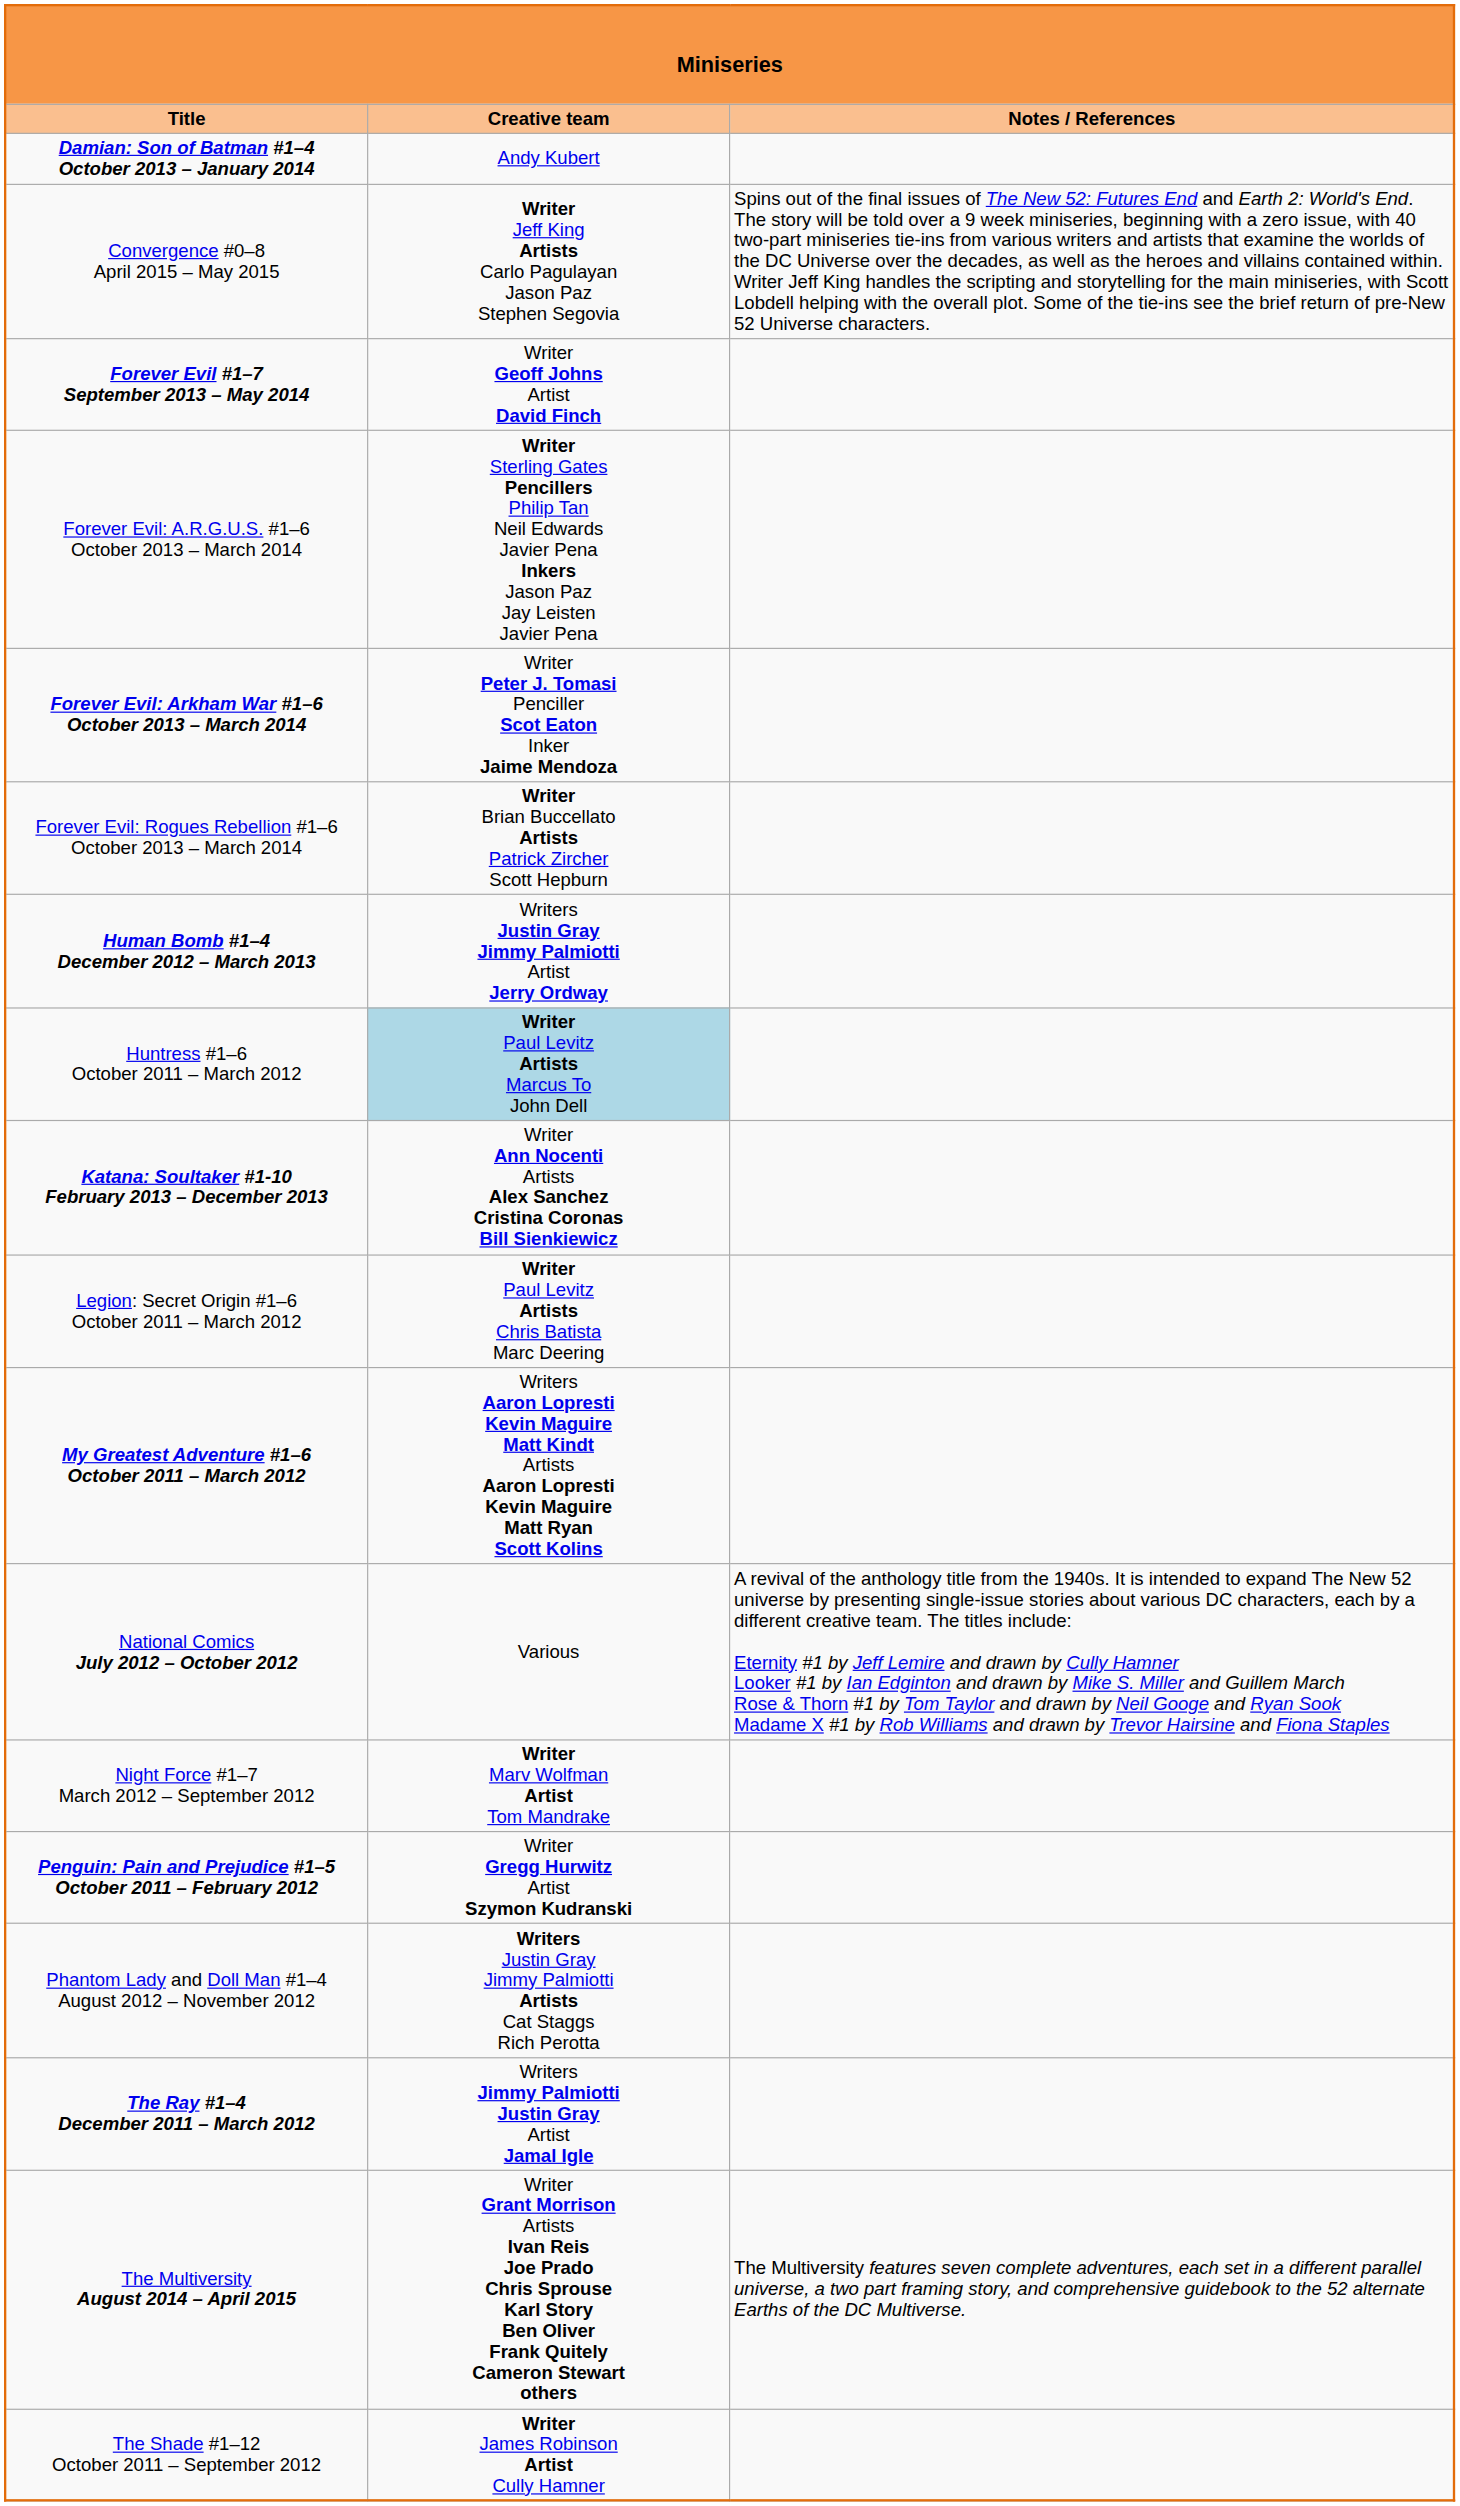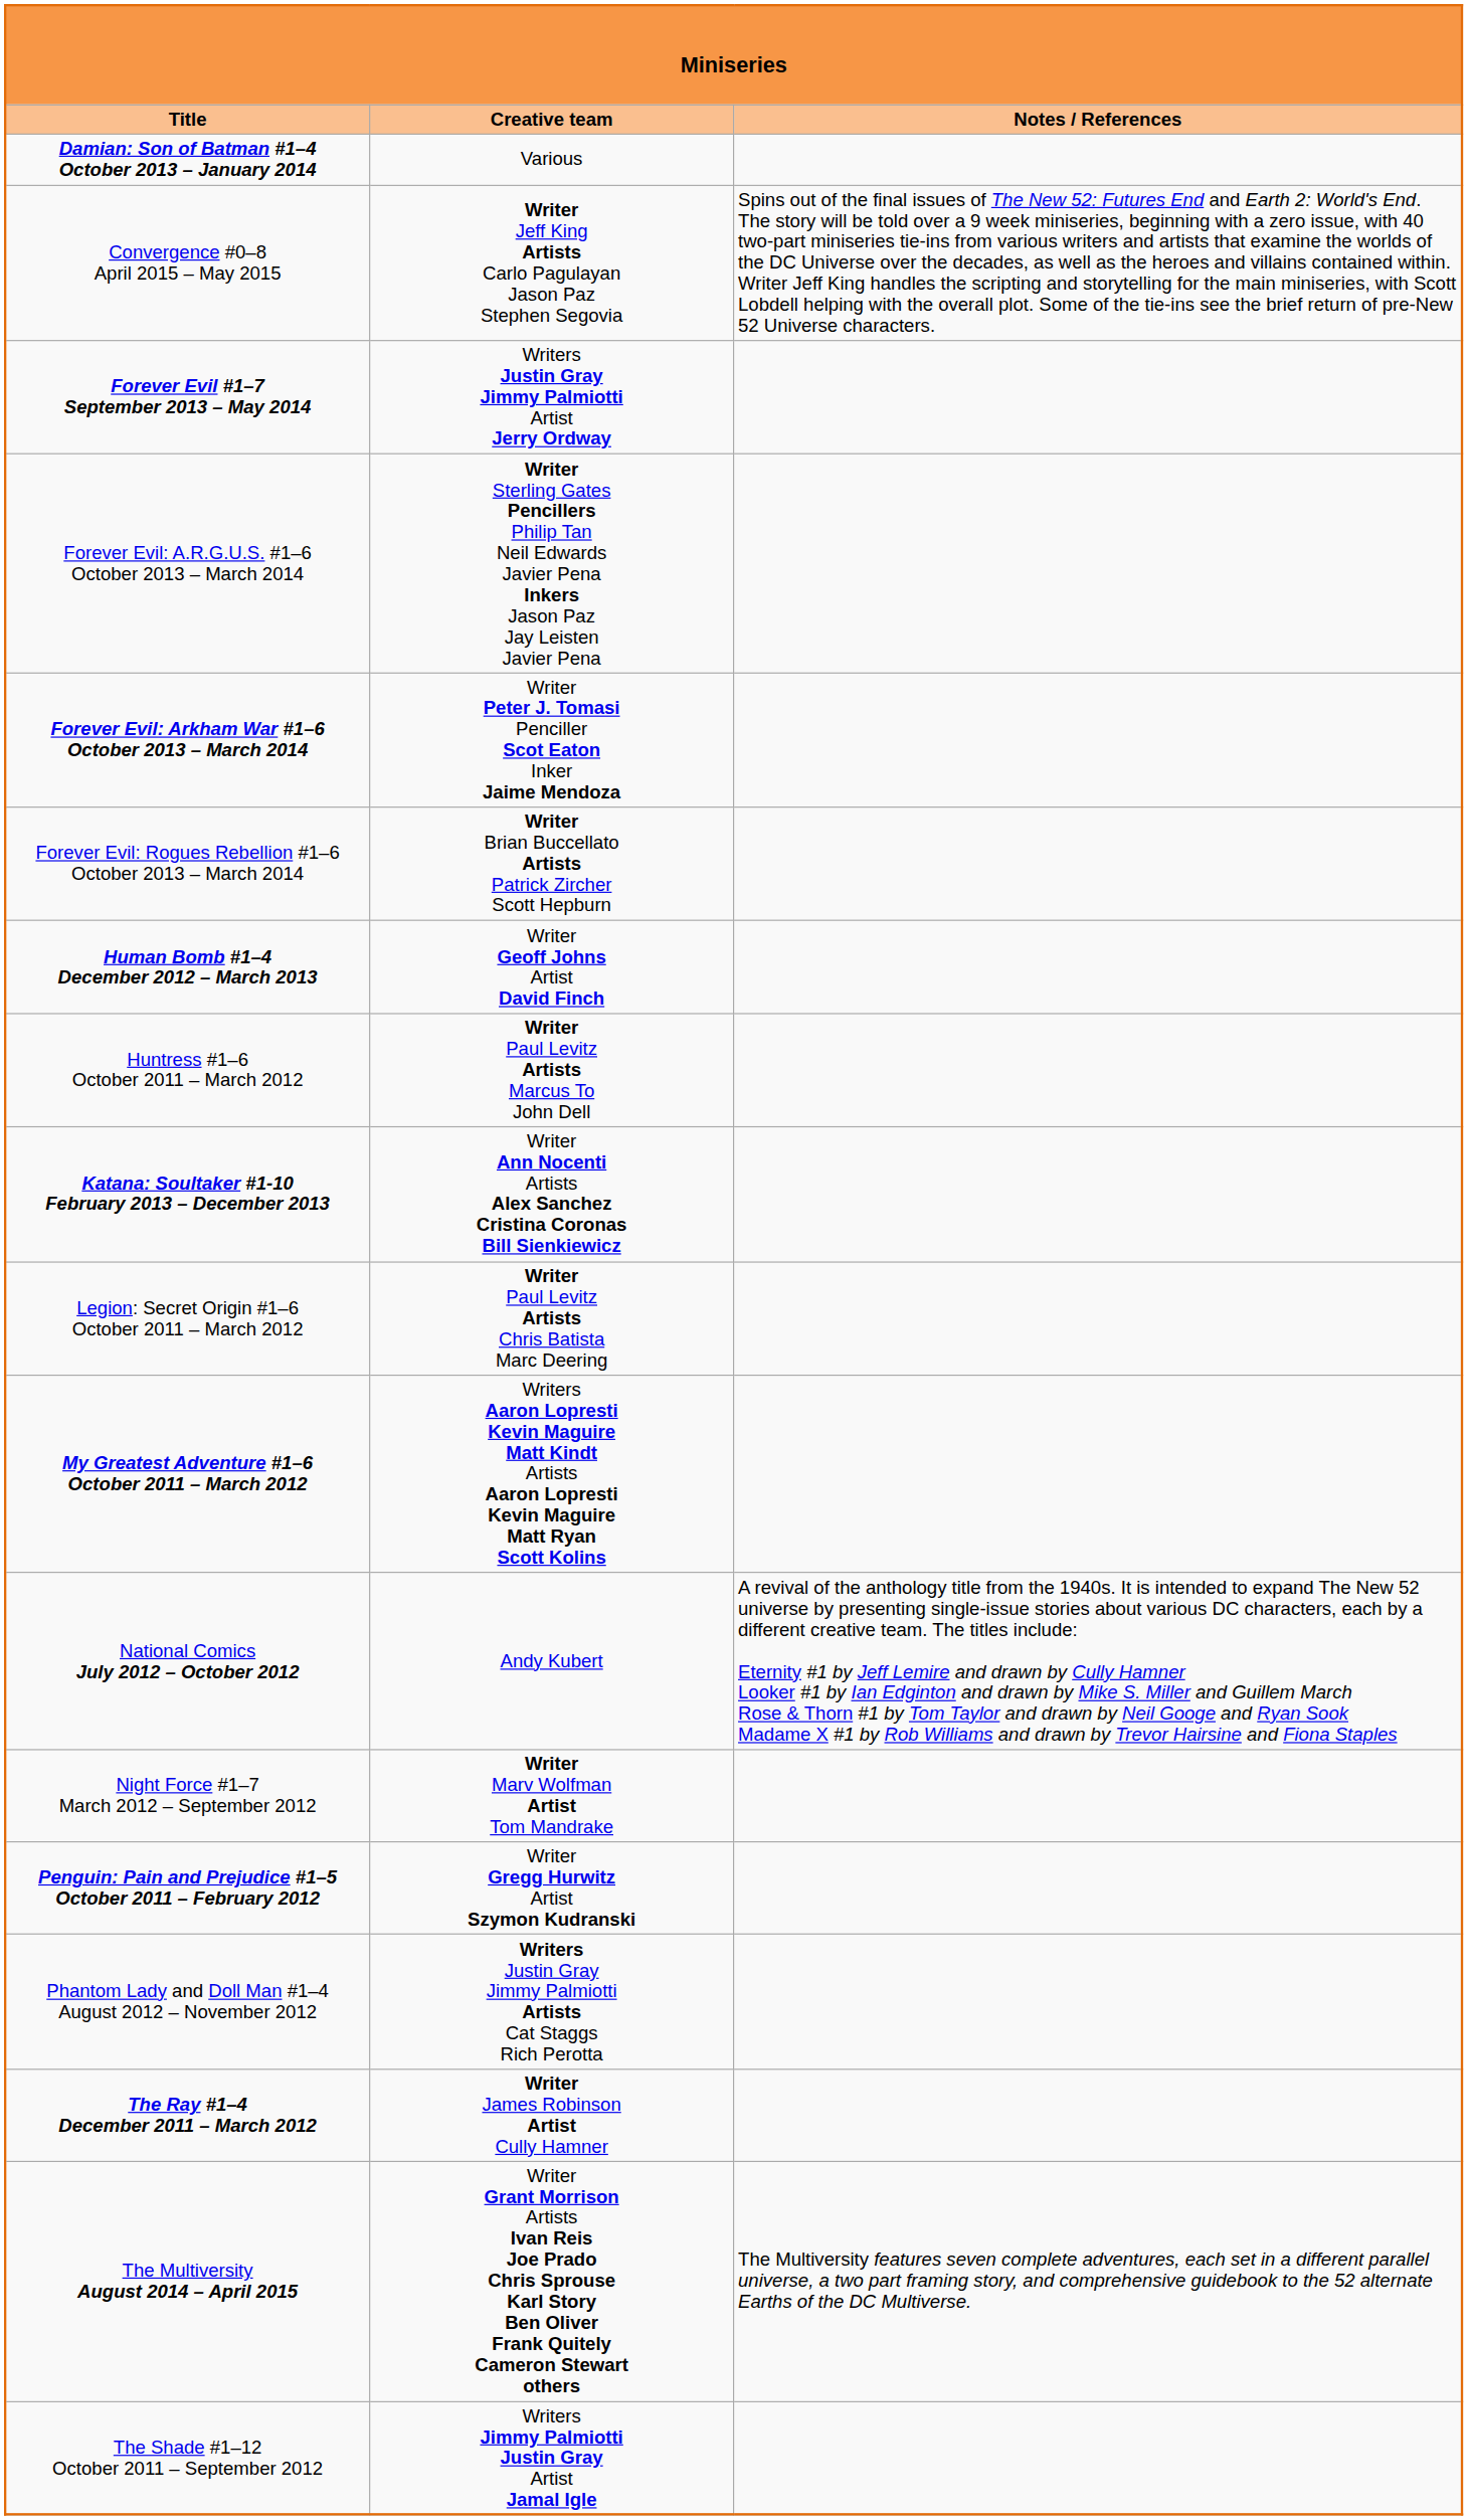 <table class="wikitable sortable" style="text-align:center;border:2px solid #E36C0A; font-weight:normal;" width=99%>
 <tr>
 <th scope="row" colspan="4" style="background-color:#F79646;"><br><h3>Miniseries</h3></th>
 </tr>
 <tr>
 <th scope="col" width="15%" align="center" style="background-color:#FABF8F;">Title</th>
 <th scope="col" width="15%" align="center" style="background-color:#FABF8F;" class=unsortable>Creative team</th>
 <th scope="col" width="30%" align="center" style="background-color:#FABF8F;" class=unsortable>Notes / References</th>
 </tr>
 <tr>
 <td scope="row"><strong><em><a href='#'>Damian: Son of Batman</a><em> #1–4<strong><br>October 2013 – January 2014</td>
-<td><a href='#'>Andy Kubert</a></td>
+<td>Various</td>
 <td align="left"></td>
 </tr>
 <tr>
 <td scope="row"></em></strong><a href='#'>Convergence</a></em> #0–8</strong><br>April 2015 – May 2015</td>
 <td><strong>Writer</strong><br><a href='#'>Jeff King</a><br><strong>Artists</strong><br>Carlo Pagulayan<br>Jason Paz<br>Stephen Segovia</td>
 <td align="left">Spins out of the final issues of <em><a href='#'>The New 52: Futures End</a></em> and <em>Earth 2: World's End</em>. The story will be told over a 9 week miniseries, beginning with a zero issue, with 40 two-part miniseries tie-ins from various writers and artists that examine the worlds of the DC Universe over the decades, as well as the heroes and villains contained within. Writer Jeff King handles the scripting and storytelling for the main miniseries, with Scott Lobdell helping with the overall plot. Some of the tie-ins see the brief return of pre-New 52 Universe characters.</td>
 </tr>
 <tr>
 <td scope="row"><strong><em><a href='#'>Forever Evil</a><em> #1–7<strong><br>September 2013 – May 2014</td>
-<td></strong>Writer<strong><br><a href='#'>Geoff Johns</a><br></strong>Artist<strong><br><a href='#'>David Finch</a></td>
+<td></strong>Writers<strong><br><a href='#'>Justin Gray</a><br><a href='#'>Jimmy Palmiotti</a><br></strong>Artist<strong><br><a href='#'>Jerry Ordway</a></td>
 <td align="left"></td>
 </tr>
 <tr>
 <td scope="row"></em></strong><a href='#'>Forever Evil: A.R.G.U.S.</a></em> #1–6</strong><br>October 2013 – March 2014</td>
 <td><strong>Writer</strong><br><a href='#'>Sterling Gates</a><br><strong>Pencillers</strong><br><a href='#'>Philip Tan</a><br>Neil Edwards<br>Javier Pena<br><strong>Inkers</strong><br>Jason Paz<br>Jay Leisten<br>Javier Pena</td>
 <td align="left"></td>
 </tr>
 <tr>
 <td scope="row"><strong><em><a href='#'>Forever Evil: Arkham War</a><em> #1–6<strong><br>October 2013 – March 2014</td>
 <td></strong>Writer<strong><br><a href='#'>Peter J. Tomasi</a><br></strong>Penciller<strong><br><a href='#'>Scot Eaton</a><br></strong>Inker<strong><br>Jaime Mendoza</td>
 <td align="left"></td>
 </tr>
 <tr>
 <td scope="row"></em></strong><a href='#'>Forever Evil: Rogues Rebellion</a></em> #1–6</strong><br>October 2013 – March 2014</td>
 <td><strong>Writer</strong><br>Brian Buccellato<br><strong>Artists</strong><br><a href='#'>Patrick Zircher</a><br>Scott Hepburn</td>
 <td align="left"></td>
 </tr>
 <tr>
 <td scope="row"><strong><em><a href='#'>Human Bomb</a><em> #1–4<strong><br>December 2012 – March 2013</td>
-<td></strong>Writers<strong><br><a href='#'>Justin Gray</a><br><a href='#'>Jimmy Palmiotti</a><br></strong>Artist<strong><br><a href='#'>Jerry Ordway</a></td>
+<td></strong>Writer<strong><br><a href='#'>Geoff Johns</a><br></strong>Artist<strong><br><a href='#'>David Finch</a></td>
 <td align="left"></td>
 </tr>
 <tr>
 <td scope="row"></em></strong><a href='#'>Huntress</a></em> #1–6</strong><br>October 2011 – March 2012</td>
-<td style="background: lightblue;"><strong>Writer</strong><br><a href='#'>Paul Levitz</a><br><strong>Artists</strong><br><a href='#'>Marcus To</a><br>John Dell</td>
+<td><strong>Writer</strong><br><a href='#'>Paul Levitz</a><br><strong>Artists</strong><br><a href='#'>Marcus To</a><br>John Dell</td>
 <td align="left"></td>
 </tr>
 <tr>
 <td scope="row"><strong><em><a href='#'>Katana: Soultaker</a><em> #1-10<strong><br>February 2013 – December 2013</td>
 <td></strong>Writer<strong><br><a href='#'>Ann Nocenti</a><br></strong>Artists<strong><br>Alex Sanchez<br>Cristina Coronas<br><a href='#'>Bill Sienkiewicz</a></td>
 <td align="left"></td>
 </tr>
 <tr>
 <td scope="row"></em></strong><a href='#'>Legion</a>: Secret Origin</em> #1–6</strong><br>October 2011 – March 2012</td>
 <td><strong>Writer</strong><br><a href='#'>Paul Levitz</a><br><strong>Artists</strong><br><a href='#'>Chris Batista</a><br>Marc Deering</td>
 <td align="left"></td>
 </tr>
 <tr>
 <td scope="row"><strong><em><a href='#'>My Greatest Adventure</a><em> #1–6<strong><br>October 2011 – March 2012</td>
 <td></strong>Writers<strong><br><a href='#'>Aaron Lopresti</a><br><a href='#'>Kevin Maguire</a><br><a href='#'>Matt Kindt</a><br></strong>Artists<strong><br>Aaron Lopresti<br>Kevin Maguire<br>Matt Ryan<br><a href='#'>Scott Kolins</a></td>
 <td align="left"></td>
 </tr>
 <tr>
 <td scope="row"></em></strong><a href='#'>National Comics</a><strong><em><br>July 2012 – October 2012</td>
-<td>Various</td>
+<td><a href='#'>Andy Kubert</a></td>
 <td align="left">A revival of the anthology title from the 1940s. It is intended to expand The New 52 universe by presenting single-issue stories about various DC characters, each by a different creative team. The titles include:<br><br></em><a href='#'>Eternity</a><em> #1 by <a href='#'>Jeff Lemire</a> and drawn by <a href='#'>Cully Hamner</a><br></em><a href='#'>Looker</a><em> #1 by <a href='#'>Ian Edginton</a> and drawn by <a href='#'>Mike S. Miller</a> and Guillem March<br></em><a href='#'>Rose & Thorn</a><em> #1 by <a href='#'>Tom Taylor</a> and drawn by <a href='#'>Neil Googe</a> and <a href='#'>Ryan Sook</a><br></em><a href='#'>Madame X</a><em> #1 by <a href='#'>Rob Williams</a> and drawn by <a href='#'>Trevor Hairsine</a> and <a href='#'>Fiona Staples</a></td>
 </tr>
 <tr>
 <td scope="row"></em></strong><a href='#'>Night Force</a></em> #1–7</strong><br>March 2012 – September 2012</td>
 <td><strong>Writer</strong><br><a href='#'>Marv Wolfman</a><br><strong>Artist</strong><br><a href='#'>Tom Mandrake</a></td>
 <td align="left"></td>
 </tr>
 <tr>
 <td scope="row"><strong><em><a href='#'>Penguin: Pain and Prejudice</a><em> #1–5<strong><br>October 2011 – February 2012</td>
 <td></strong>Writer<strong><br><a href='#'>Gregg Hurwitz</a><br></strong>Artist<strong><br>Szymon Kudranski</td>
 <td align="left"></td>
 </tr>
 <tr>
 <td scope="row"></em></strong><a href='#'>Phantom Lady</a> and <a href='#'>Doll Man</a></em> #1–4</strong><br>August 2012 – November 2012</td>
 <td><strong>Writers</strong><br><a href='#'>Justin Gray</a><br><a href='#'>Jimmy Palmiotti</a><br><strong>Artists</strong><br>Cat Staggs<br>Rich Perotta</td>
 <td align="left"></td>
 </tr>
 <tr>
 <td scope="row"><strong><em><a href='#'>The Ray</a><em> #1–4<strong><br>December 2011 – March 2012</td>
-<td></strong>Writers<strong><br><a href='#'>Jimmy Palmiotti</a><br><a href='#'>Justin Gray</a><br></strong>Artist<strong><br><a href='#'>Jamal Igle</a></td>
+<td><strong>Writer</strong><br><a href='#'>James Robinson</a><br><strong>Artist</strong><br><a href='#'>Cully Hamner</a></td>
 <td align="left"></td>
 </tr>
 <tr>
 <td scope="row"></em></strong><a href='#'>The Multiversity</a><strong><em><br>August 2014 – April 2015</td>
 <td></strong>Writer<strong><br><a href='#'>Grant Morrison</a><br></strong>Artists<strong><br>Ivan Reis<br>Joe Prado<br>Chris Sprouse<br>Karl Story<br>Ben Oliver<br>Frank Quitely<br>Cameron Stewart<br>others</td>
 <td align="left"></em>The Multiversity<em> features seven complete adventures, each set in a different parallel universe, a two part framing story, and comprehensive guidebook to the 52 alternate Earths of the DC Multiverse.</td>
 </tr>
 <tr>
 <td scope="row"></em></strong><a href='#'>The Shade</a></em> #1–12</strong><br>October 2011 – September 2012</td>
-<td><strong>Writer</strong><br><a href='#'>James Robinson</a><br><strong>Artist</strong><br><a href='#'>Cully Hamner</a></td>
+<td></strong>Writers<strong><br><a href='#'>Jimmy Palmiotti</a><br><a href='#'>Justin Gray</a><br></strong>Artist<strong><br><a href='#'>Jamal Igle</a></td>
 <td align="left"></td>
 </tr>
 <tr>
 </tr>
 </table>
